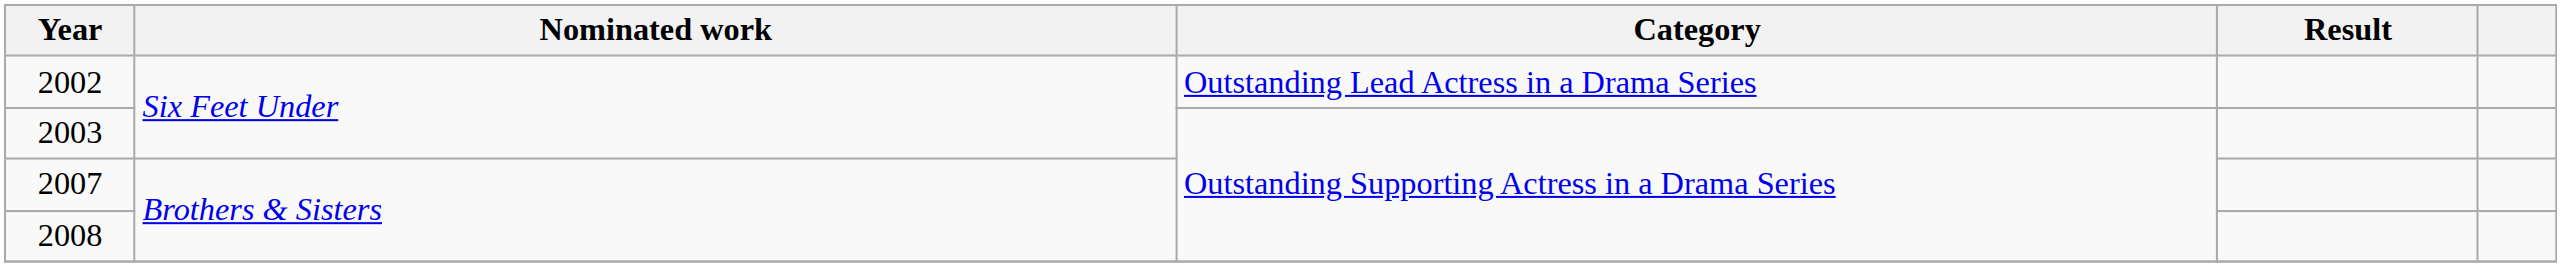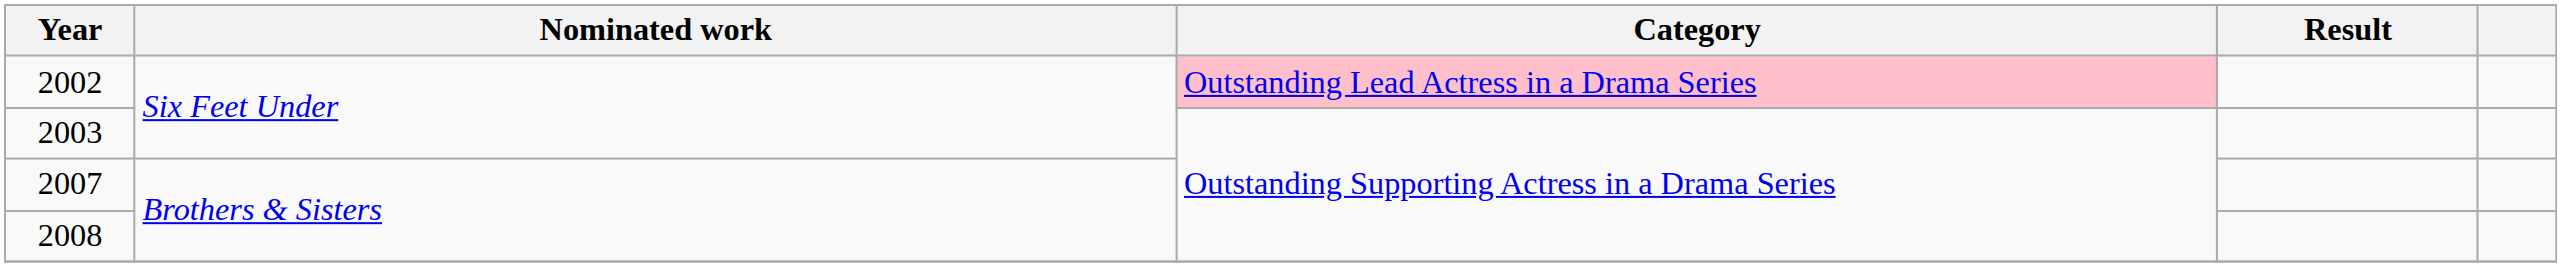 <table class="wikitable" style="width:100%;">
 <tr>
 <th width=5%>Year</th>
 <th style="width:40%;">Nominated work</th>
 <th style="width:40%;">Category</th>
 <th style="width:10%;">Result</th>
 <th width=3%></th>
 </tr>
 <tr>
 <td style="text-align:center;">2002</td>
 <td rowspan=2><em><a href='#'>Six Feet Under</a></em></td>
-<td><a href='#'>Outstanding Lead Actress in a Drama Series</a></td>
+<td style="background: pink;"><a href='#'>Outstanding Lead Actress in a Drama Series</a></td>
 <td></td>
 <td style=text-align:center></td>
 </tr>
 <tr>
 <td style="text-align:center;">2003</td>
 <td rowspan=3><a href='#'>Outstanding Supporting Actress in a Drama Series</a></td>
 <td></td>
 <td style=text-align:center></td>
 </tr>
 <tr>
 <td style=text-align:center>2007</td>
 <td rowspan=2><em><a href='#'>Brothers & Sisters</a></em></td>
 <td></td>
 <td style=text-align:center></td>
 </tr>
 <tr>
 <td style=text-align:center>2008</td>
 <td></td>
 <td style=text-align:center></td>
 </tr>
 <tr>
 </tr>
 </table>
